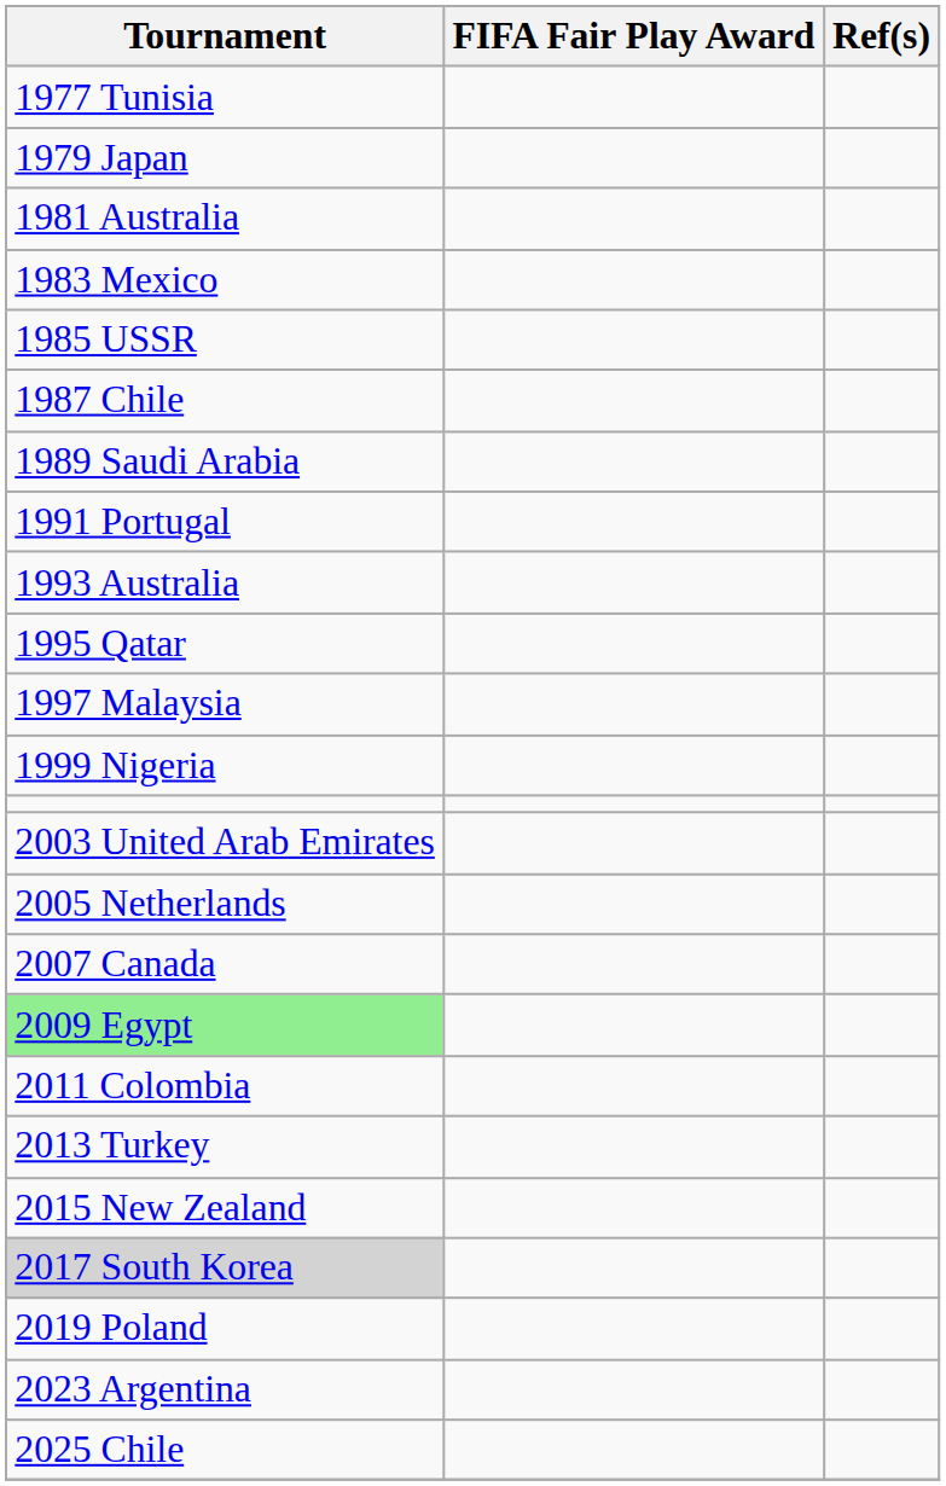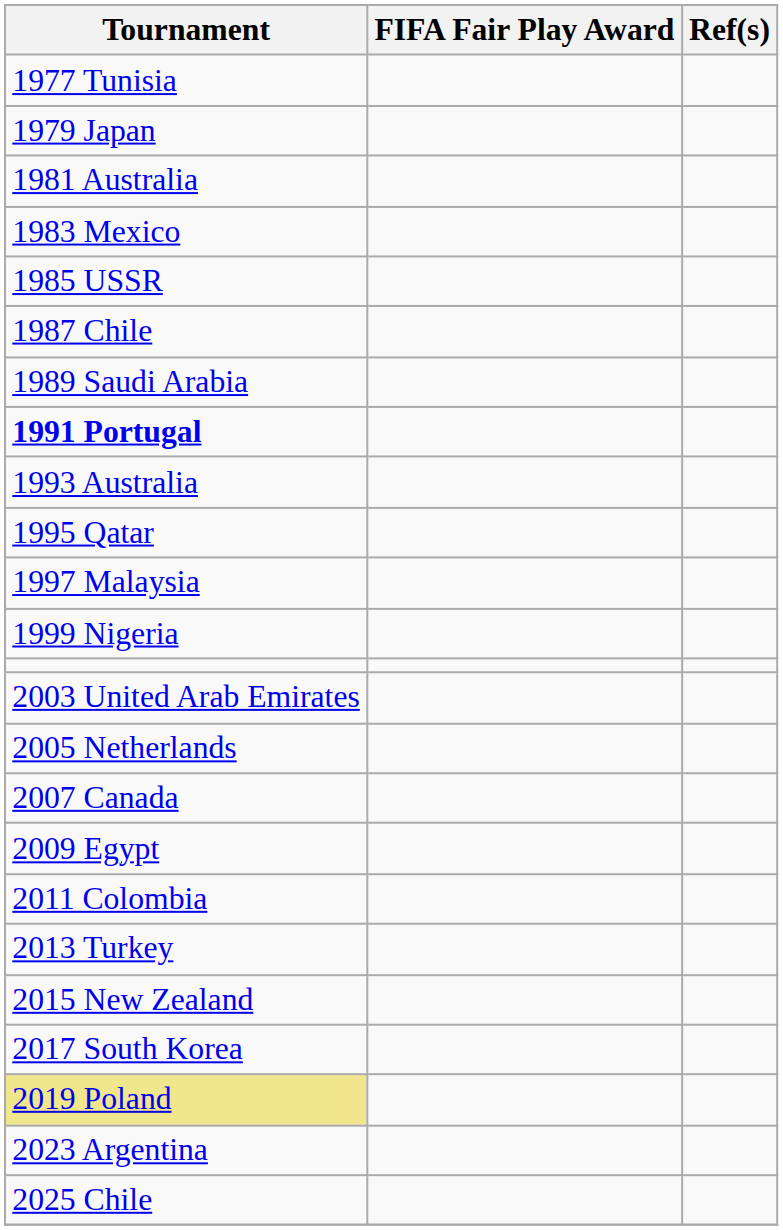 <table class=wikitable>
 <tr>
 <th>Tournament</th>
 <th>FIFA Fair Play Award</th>
 <th>Ref(s)</th>
 </tr>
 <tr>
 <td><a href='#'>1977 Tunisia</a></td>
 <td></td>
 <td></td>
 </tr>
 <tr>
 <td><a href='#'>1979 Japan</a></td>
 <td></td>
 <td></td>
 </tr>
 <tr>
 <td><a href='#'>1981 Australia</a></td>
 <td></td>
 <td></td>
 </tr>
 <tr>
 <td><a href='#'>1983 Mexico</a></td>
 <td></td>
 <td></td>
 </tr>
 <tr>
 <td><a href='#'>1985 USSR</a></td>
 <td></td>
 <td></td>
 </tr>
 <tr>
 <td><a href='#'>1987 Chile</a></td>
 <td></td>
 <td></td>
 </tr>
 <tr>
 <td><a href='#'>1989 Saudi Arabia</a></td>
 <td></td>
 <td></td>
 </tr>
 <tr>
-<td><a href='#'>1991 Portugal</a></td>
+<td><strong><a href='#'>1991 Portugal</a></strong></td>
 <td></td>
 <td></td>
 </tr>
 <tr>
 <td><a href='#'>1993 Australia</a></td>
 <td></td>
 <td></td>
 </tr>
 <tr>
 <td><a href='#'>1995 Qatar</a></td>
 <td></td>
 <td></td>
 </tr>
 <tr>
 <td><a href='#'>1997 Malaysia</a></td>
 <td></td>
 <td></td>
 </tr>
 <tr>
 <td><a href='#'>1999 Nigeria</a></td>
 <td></td>
 <td></td>
 </tr>
 <tr>
 <td></td>
 <td></td>
 <td></td>
 </tr>
 <tr>
 <td><a href='#'>2003 United Arab Emirates</a></td>
 <td></td>
 <td></td>
 </tr>
 <tr>
 <td><a href='#'>2005 Netherlands</a></td>
 <td></td>
 <td></td>
 </tr>
 <tr>
 <td><a href='#'>2007 Canada</a></td>
 <td></td>
 <td></td>
 </tr>
 <tr>
-<td style="background: lightgreen;"><a href='#'>2009 Egypt</a></td>
+<td><a href='#'>2009 Egypt</a></td>
 <td></td>
 <td></td>
 </tr>
 <tr>
 <td><a href='#'>2011 Colombia</a></td>
 <td></td>
 <td></td>
 </tr>
 <tr>
 <td><a href='#'>2013 Turkey</a></td>
 <td></td>
 <td></td>
 </tr>
 <tr>
 <td><a href='#'>2015 New Zealand</a></td>
 <td></td>
 <td></td>
 </tr>
 <tr>
-<td style="background: lightgrey;"><a href='#'>2017 South Korea</a></td>
+<td><a href='#'>2017 South Korea</a></td>
 <td></td>
 <td></td>
 </tr>
 <tr>
-<td><a href='#'>2019 Poland</a></td>
+<td style="background: khaki;"><a href='#'>2019 Poland</a></td>
 <td></td>
 <td></td>
 </tr>
 <tr>
 <td><a href='#'>2023 Argentina</a></td>
 <td></td>
 <td></td>
 </tr>
 <tr>
 <td><a href='#'>2025 Chile</a></td>
 <td></td>
 <td></td>
 </tr>
 <tr>
 </tr>
 </table>
